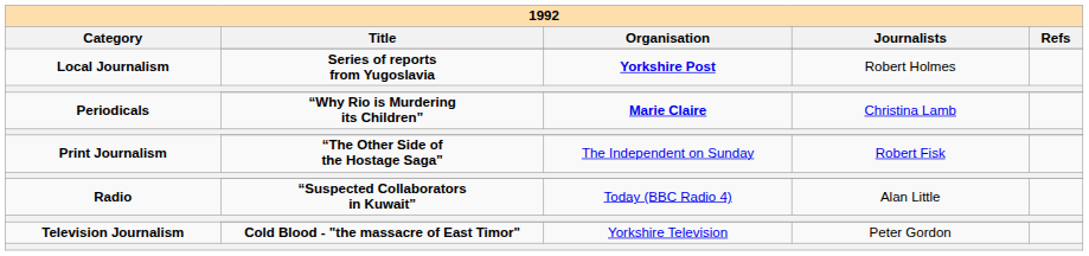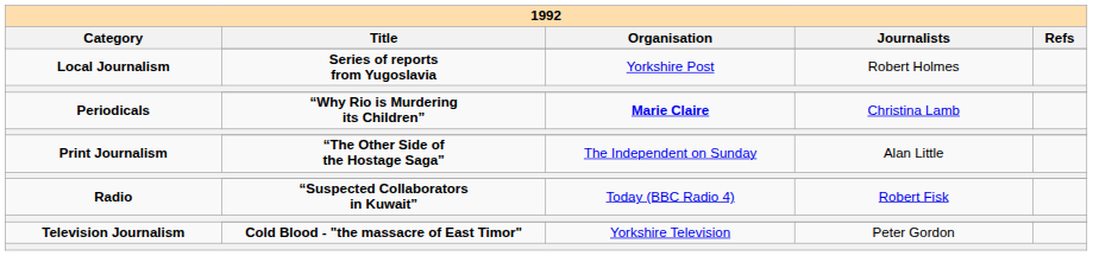 <table class="wikitable" width="100%" border="1" cellpadding="5" cellspacing="0" align="centre">
 <tr>
 <td colspan="5" style="background:#ffdead" align="center"><strong>1992</strong></td>
 </tr>
 <tr>
 <th width=20%>Category</th>
 <th width=30%>Title</th>
 <th width=23%>Organisation</th>
 <th width=22%>Journalists</th>
 <th width=5%>Refs</th>
 </tr>
 <tr>
 <td rowspan="2" align="center"><strong>Local Journalism</strong></td>
 </tr>
 <tr>
 <td align="center"><strong>Series of reports<br>from Yugoslavia</strong></td>
-<td align="center"><strong><a href='#'>Yorkshire Post</a></strong></td>
+<td align="center"><a href='#'>Yorkshire Post</a></td>
 <td align="center">Robert Holmes</td>
 <td align="center"></td>
 </tr>
 <tr>
 <td colspan="6" align="center" style="background:#f2f2f2"></td>
 </tr>
 <tr>
 <td rowspan="2" align="center"><strong>Periodicals</strong></td>
 </tr>
 <tr>
 <td align="center"><strong>“Why Rio is Murdering<br>its Children”</strong></td>
 <td align="center"><strong><a href='#'>Marie Claire</a></strong></td>
 <td align="center"><a href='#'>Christina Lamb</a></td>
 <td align="center"></td>
 </tr>
 <tr>
 <td colspan="6" align="center" style="background:#f2f2f2"></td>
 </tr>
 <tr>
 <td rowspan="2" align="center"><strong>Print Journalism</strong></td>
 </tr>
 <tr>
 <td align="center"><strong>“The Other Side of<br>the Hostage Saga”</strong></td>
 <td align="center"><a href='#'>The Independent on Sunday</a></td>
-<td align="center"><a href='#'>Robert Fisk</a></td>
+<td align="center">Alan Little</td>
 <td align="center"></td>
 </tr>
 <tr>
 <td colspan="6" align="center" style="background:#f2f2f2"></td>
 </tr>
 <tr>
 <td rowspan="2" align="center"><strong>Radio</strong></td>
 </tr>
 <tr>
 <td align="center"><strong>“Suspected Collaborators<br>in Kuwait”</strong></td>
 <td align="center"><a href='#'>Today (BBC Radio 4)</a></td>
-<td align="center">Alan Little</td>
+<td align="center"><a href='#'>Robert Fisk</a></td>
 <td align="center"></td>
 </tr>
 <tr>
 <td colspan="6" align="center" style="background:#f2f2f2"></td>
 </tr>
 <tr>
 <td rowspan="2" align="center"><strong>Television Journalism</strong></td>
 </tr>
 <tr>
 <td align="center"><strong>Cold Blood - "the massacre of East Timor"</strong></td>
 <td align="center"><a href='#'>Yorkshire Television</a></td>
 <td align="center">Peter Gordon</td>
 <td align="center"><br></td>
 </tr>
 <tr>
 <td colspan="6" align="center" style="background:#f2f2f2"></td>
 </tr>
 </table>
